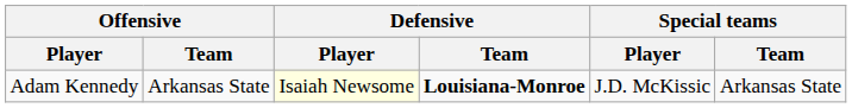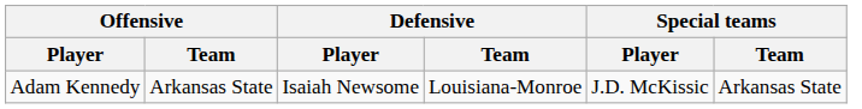 <table class="wikitable">
 <tr>
 <th colspan="2">Offensive</th>
 <th colspan="2">Defensive</th>
 <th colspan="2">Special teams</th>
 </tr>
 <tr>
 <th>Player</th>
 <th>Team</th>
 <th>Player</th>
 <th>Team</th>
 <th>Player</th>
 <th>Team</th>
 </tr>
 <tr>
 <td>Adam Kennedy</td>
 <td>Arkansas State</td>
-<td style="background: lightyellow;">Isaiah Newsome</td>
-<td><strong>Louisiana-Monroe</strong></td>
+<td>Isaiah Newsome</td>
+<td>Louisiana-Monroe</td>
 <td>J.D. McKissic</td>
 <td>Arkansas State</td>
 </tr>
 </table>
